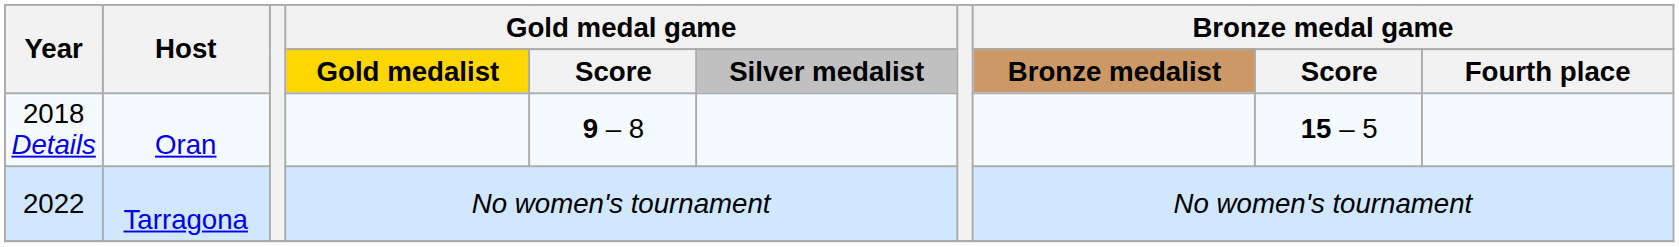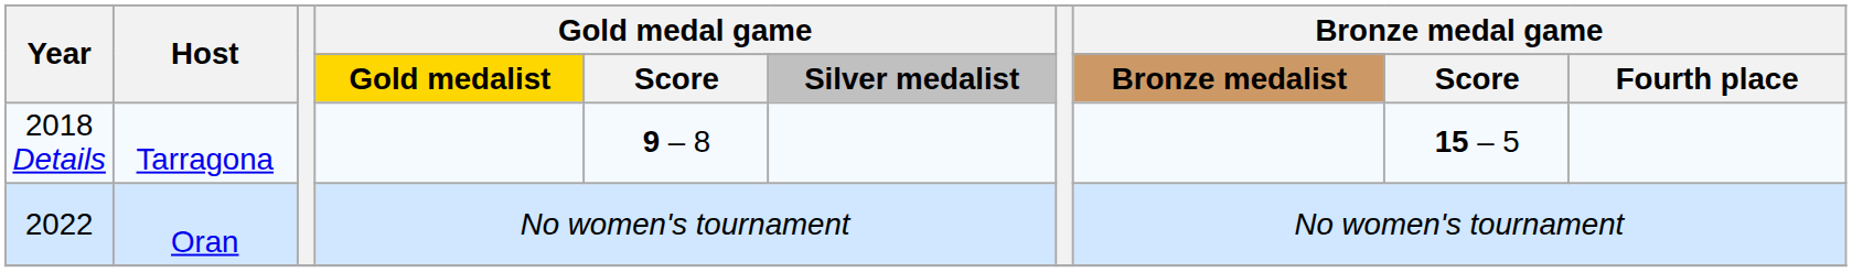 <table class=wikitable style="text-align:center; font-size:90%;">
 <tr bgcolor=#C1D8FF>
 <th rowspan=2 width=5%>Year</th>
 <th rowspan=2 width=10%>Host</th>
 <th width=1% rowspan=4 bgcolor=ffffff></th>
 <th colspan=3>Gold medal game</th>
 <th width=1% rowspan=4 bgcolor=ffffff></th>
 <th colspan=3>Bronze medal game</th>
 </tr>
 <tr bgcolor=#EFEFEF>
 <th style="background:gold; width=15%"> Gold medalist</th>
 <th width=10%>Score</th>
 <th style="background:silver; width=15%"> Silver medalist</th>
 <th style="background:#cc9966; width=15%"> Bronze medalist</th>
 <th width=10%>Score</th>
 <th width=15%>Fourth place</th>
 </tr>
 <tr bgcolor=#F5FAFF>
 <td>2018<br><em><a href='#'>Details</a></em></td>
-<td> <br><a href='#'>Oran</a></td>
+<td> <br><a href='#'>Tarragona</a></td>
 <td><strong></strong></td>
 <td><strong>9</strong> – 8</td>
 <td></td>
 <td></td>
 <td><strong>15</strong> – 5</td>
 <td></td>
 </tr>
 <tr bgcolor=#D0E7FF>
 <td>2022</td>
-<td> <br><a href='#'>Tarragona</a></td>
+<td> <br><a href='#'>Oran</a></td>
 <td colspan=3><em>No women's tournament</em></td>
 <td colspan=3><em>No women's tournament</em></td>
 </tr>
 <tr>
 </tr>
 </table>
